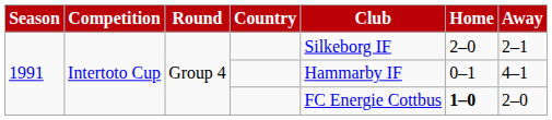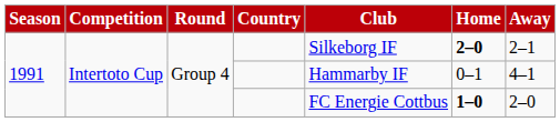 <table class="wikitable">
 <tr>
 <th style="color:#FFFFFF; background:#BC0008;">Season</th>
 <th style="color:#FFFFFF; background:#BC0008;">Competition</th>
 <th style="color:#FFFFFF; background:#BC0008;">Round</th>
 <th style="color:#FFFFFF; background:#BC0008;">Country</th>
 <th style="color:#FFFFFF; background:#BC0008;">Club</th>
 <th style="color:#FFFFFF; background:#BC0008;">Home</th>
 <th style="color:#FFFFFF; background:#BC0008;">Away</th>
 </tr>
 <tr>
 <td rowspan="3"><a href='#'>1991</a></td>
 <td rowspan="3"><a href='#'>Intertoto Cup</a></td>
 <td rowspan="3">Group 4</td>
 <td></td>
 <td><a href='#'>Silkeborg IF</a></td>
-<td>2–0</td>
+<td><strong>2–0</strong></td>
 <td>2–1</td>
 </tr>
 <tr>
 <td></td>
 <td><a href='#'>Hammarby IF</a></td>
 <td>0–1</td>
 <td>4–1</td>
 </tr>
 <tr>
 <td></td>
 <td><a href='#'>FC Energie Cottbus</a></td>
 <td><strong>1–0</strong></td>
 <td>2–0</td>
 </tr>
 <tr>
 </tr>
 </table>
